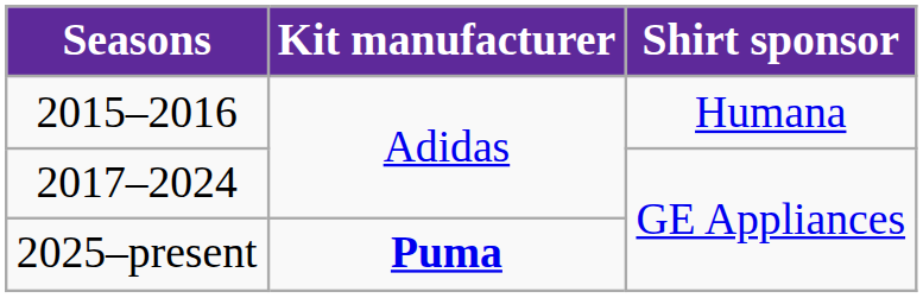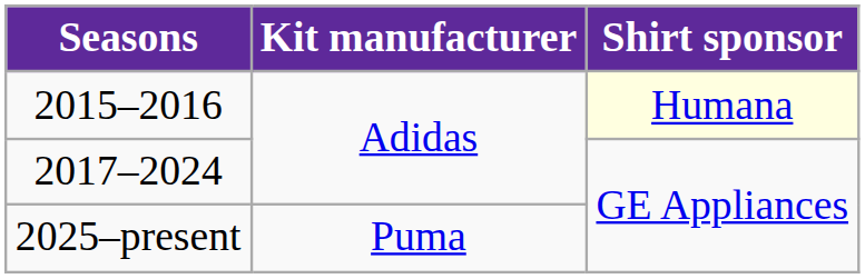 <table class="wikitable" style="text-align: center">
 <tr>
 <th style="background-color:#5E299A; color:#fff;" scope="col" !scope=col>Seasons</th>
 <th style="background-color:#5E299A; color:#fff;" scope="col" !scope=col>Kit manufacturer</th>
 <th style="background-color:#5E299A; color:#fff;" scope="col" !scope=col>Shirt sponsor</th>
 </tr>
 <tr>
 <td>2015–2016</td>
 <td rowspan="2"><a href='#'>Adidas</a></td>
-<td><a href='#'>Humana</a></td>
+<td style="background: lightyellow;"><a href='#'>Humana</a></td>
 </tr>
 <tr>
 <td>2017–2024</td>
 <td rowspan="2"><a href='#'>GE Appliances</a></td>
 </tr>
 <tr>
 <td>2025–present</td>
-<td><strong><a href='#'>Puma</a></strong></td>
+<td><a href='#'>Puma</a></td>
 </tr>
 </table>
